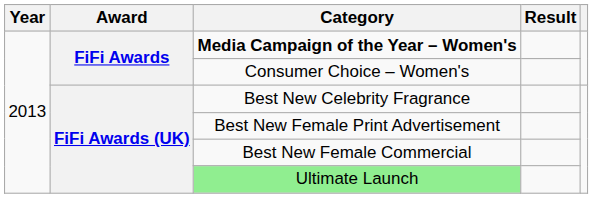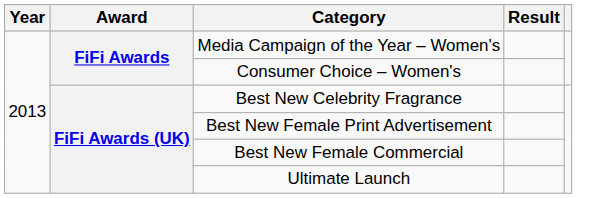 <table class="wikitable plainrowheaders">
 <tr>
 <th>Year</th>
 <th>Award</th>
 <th>Category</th>
 <th>Result</th>
 <th></th>
 </tr>
 <tr align=center>
 <td rowspan="6">2013</td>
 <th scope="row" rowspan="2"><a href='#'>FiFi Awards</a></th>
-<td><strong>Media Campaign of the Year – Women's</strong></td>
+<td>Media Campaign of the Year – Women's</td>
 <td></td>
 <td rowspan="2" style="text-align:center;"><br></td>
 </tr>
 <tr align=center>
 <td>Consumer Choice – Women's</td>
 <td></td>
 </tr>
 <tr align=center>
 <th scope="row" rowspan="4"><a href='#'>FiFi Awards (UK)</a></th>
 <td>Best New Celebrity Fragrance</td>
 <td></td>
 <td rowspan="4" style="text-align:center;"><br></td>
 </tr>
 <tr align=center>
 <td>Best New Female Print Advertisement</td>
 <td></td>
 </tr>
 <tr align=center>
 <td>Best New Female Commercial</td>
 <td></td>
 </tr>
 <tr align=center>
-<td style="background: lightgreen;">Ultimate Launch</td>
+<td>Ultimate Launch</td>
 <td></td>
 </tr>
 </table>
